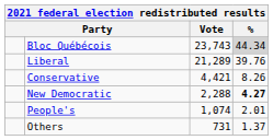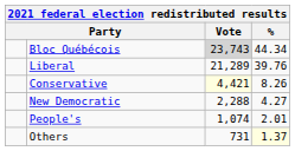 <table class="wikitable">
 <tr>
 <th colspan="4"><a href='#'>2021 federal election</a> redistributed results</th>
 </tr>
 <tr>
 <th bgcolor="#DDDDFF" width="130px" colspan="2">Party</th>
 <th bgcolor="#DDDDFF" width="50px">Vote</th>
 <th bgcolor="#DDDDFF" width="30px">%</th>
 </tr>
 <tr>
 <td> </td>
 <td><a href='#'>Bloc Québécois</a></td>
-<td align=right>23,743</td>
-<td align=right style="background: lightgrey;">44.34</td>
+<td align=right style="background: lightgrey;">23,743</td>
+<td align=right>44.34</td>
 </tr>
 <tr>
 <td> </td>
 <td><a href='#'>Liberal</a></td>
 <td align=right>21,289</td>
 <td align=right>39.76</td>
 </tr>
 <tr>
 <td> </td>
 <td><a href='#'>Conservative</a></td>
-<td align=right>4,421</td>
+<td align=right style="background: lightyellow;">4,421</td>
 <td align=right>8.26</td>
 </tr>
 <tr>
 <td> </td>
 <td><a href='#'>New Democratic</a></td>
 <td align=right>2,288</td>
-<td align=right><strong>4.27</strong></td>
+<td align=right>4.27</td>
 </tr>
 <tr>
 <td> </td>
 <td><a href='#'>People's</a></td>
 <td align=right>1,074</td>
 <td align=right>2.01</td>
 </tr>
 <tr>
 <td> </td>
 <td>Others</td>
 <td align=right>731</td>
-<td align=right>1.37</td>
+<td align=right style="background: lightyellow;">1.37</td>
 </tr>
 </table>
